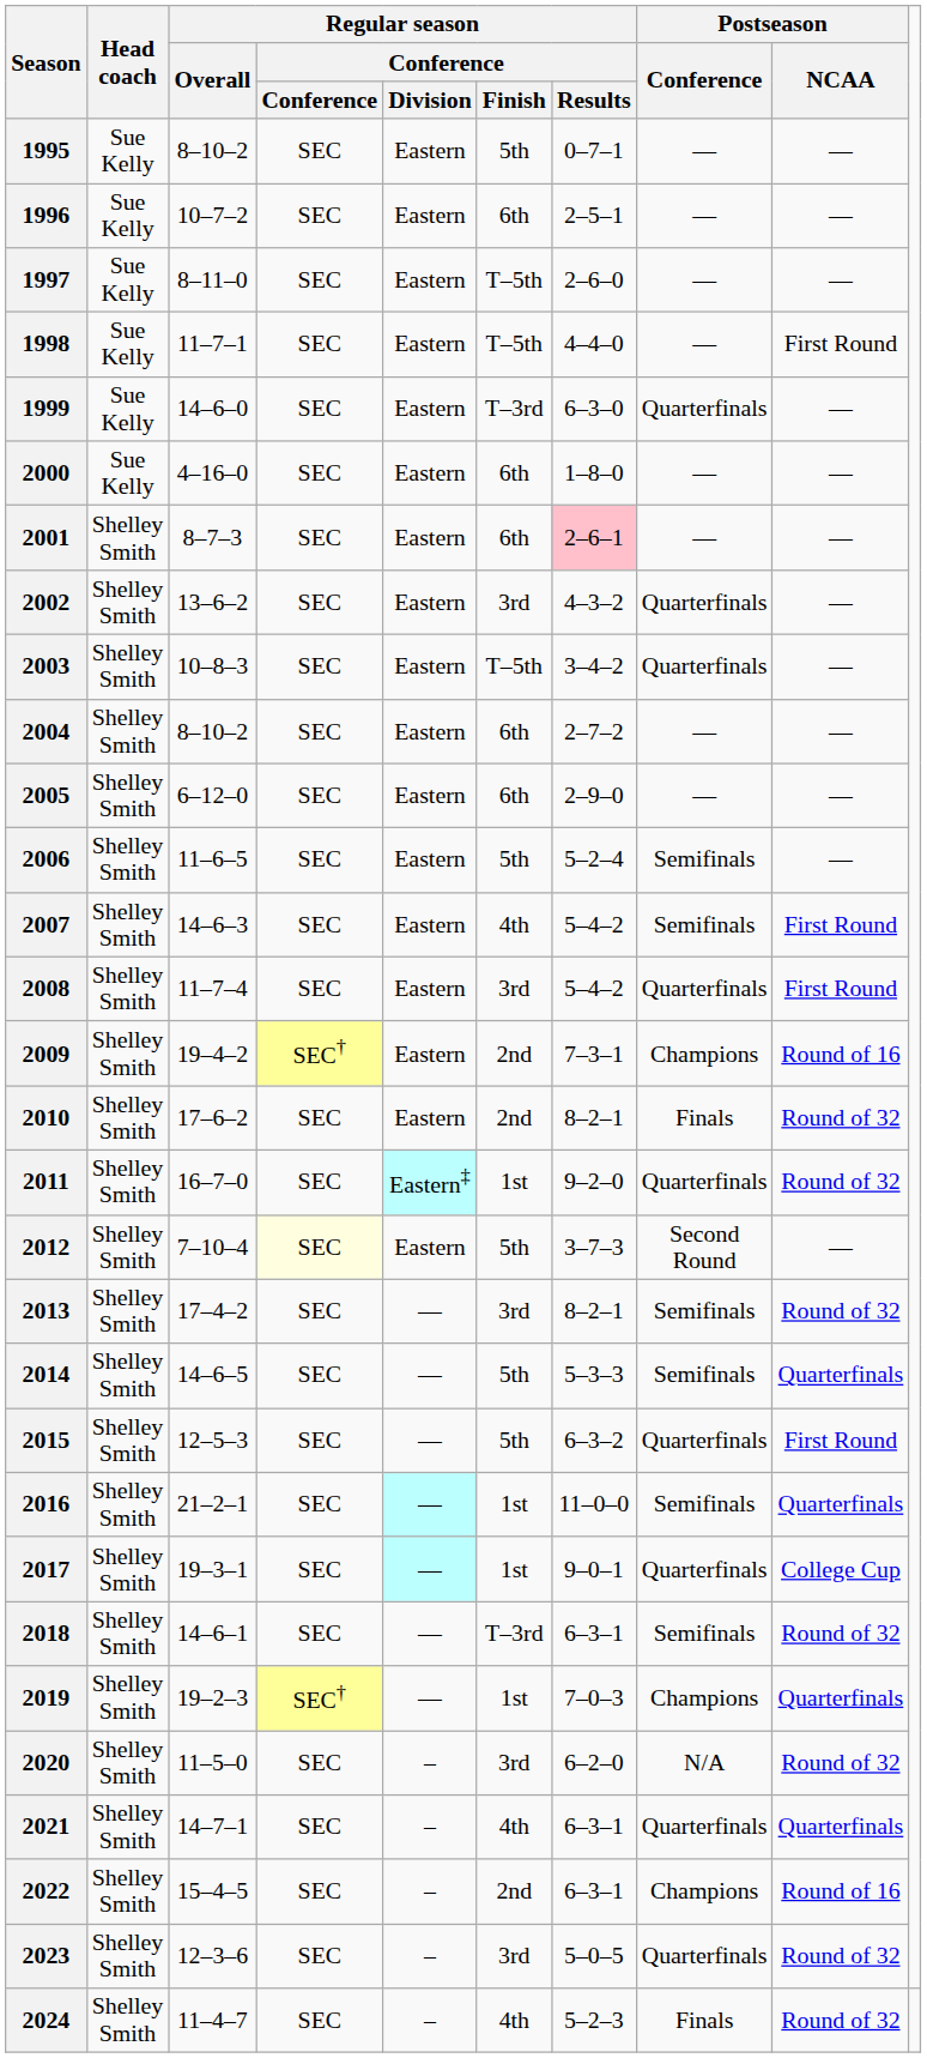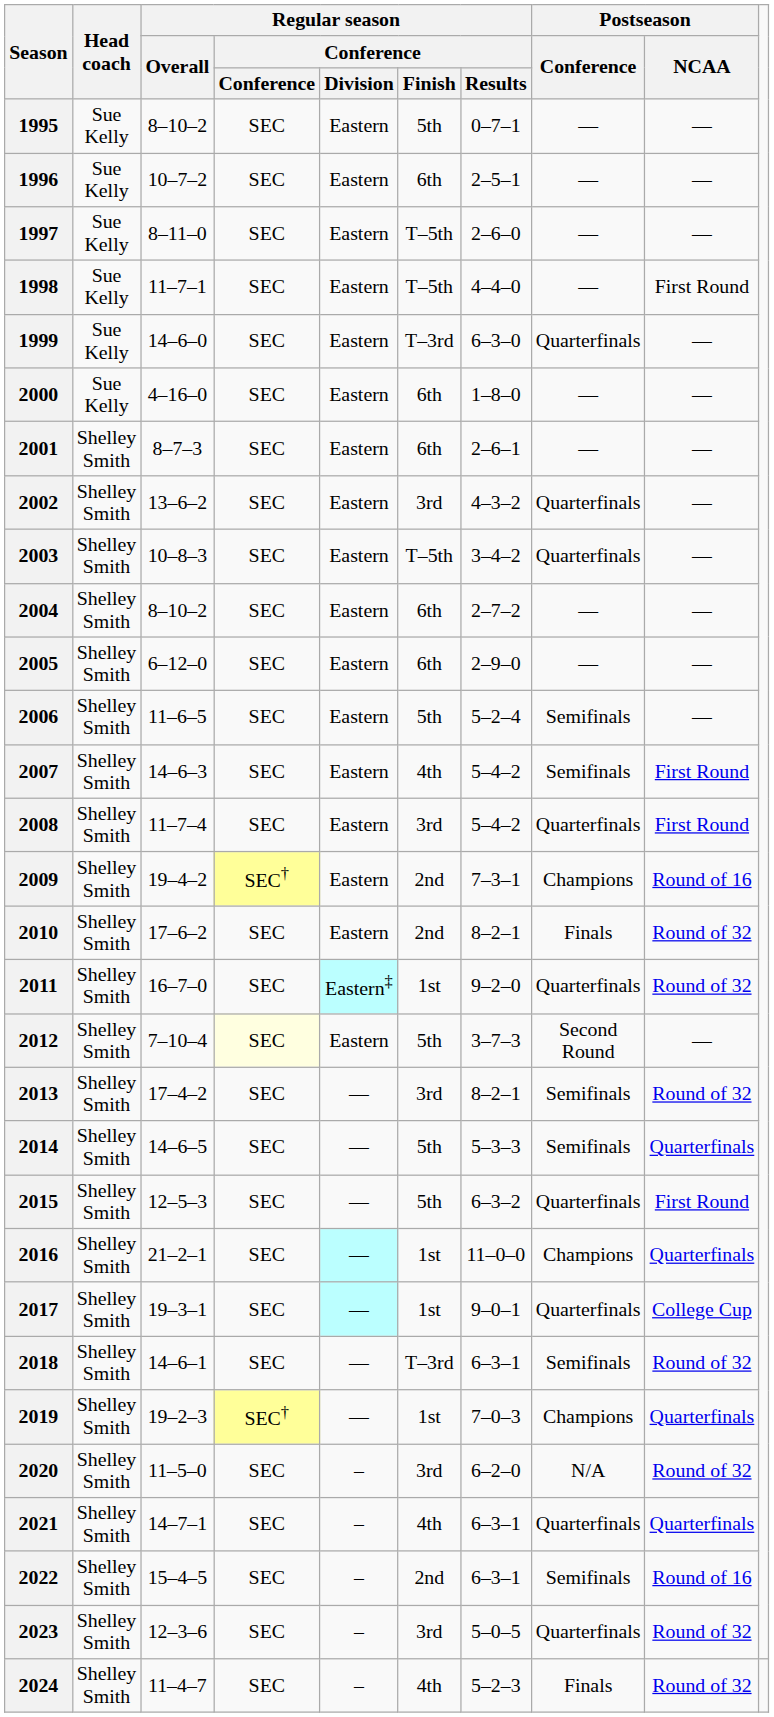 <table class="wikitable" style="text-align:center;">
 <tr>
 <th rowspan="3">Season</th>
 <th rowspan="3">Head coach</th>
 <th colspan="5">Regular season</th>
 <th colspan="2">Postseason</th>
 </tr>
 <tr>
 <th rowspan="2">Overall</th>
 <th colspan="4">Conference</th>
 <th rowspan="2">Conference</th>
 <th rowspan="2">NCAA</th>
 </tr>
 <tr>
 <th>Conference</th>
 <th>Division</th>
 <th>Finish</th>
 <th>Results</th>
 </tr>
 <tr>
 <th scope="row">1995</th>
 <td>Sue Kelly</td>
 <td>8–10–2</td>
 <td>SEC</td>
 <td>Eastern</td>
 <td>5th</td>
 <td>0–7–1</td>
 <td>—</td>
 <td>—</td>
 </tr>
 <tr>
 <th scope="row">1996</th>
 <td>Sue Kelly</td>
 <td>10–7–2</td>
 <td>SEC</td>
 <td>Eastern</td>
 <td>6th</td>
 <td>2–5–1</td>
 <td>—</td>
 <td>—</td>
 </tr>
 <tr>
 <th scope="row">1997</th>
 <td>Sue Kelly</td>
 <td>8–11–0</td>
 <td>SEC</td>
 <td>Eastern</td>
 <td>T–5th</td>
 <td>2–6–0</td>
 <td>—</td>
 <td>—</td>
 </tr>
 <tr>
 <th scope="row">1998</th>
 <td>Sue Kelly</td>
 <td>11–7–1</td>
 <td>SEC</td>
 <td>Eastern</td>
 <td>T–5th</td>
 <td>4–4–0</td>
 <td>—</td>
 <td>First Round</td>
 </tr>
 <tr>
 <th scope="row">1999</th>
 <td>Sue Kelly</td>
 <td>14–6–0</td>
 <td>SEC</td>
 <td>Eastern</td>
 <td>T–3rd</td>
 <td>6–3–0</td>
 <td>Quarterfinals</td>
 <td>—</td>
 </tr>
 <tr>
 <th scope="row">2000</th>
 <td>Sue Kelly</td>
 <td>4–16–0</td>
 <td>SEC</td>
 <td>Eastern</td>
 <td>6th</td>
 <td>1–8–0</td>
 <td>—</td>
 <td>—</td>
 </tr>
 <tr>
 <th scope="row">2001</th>
 <td>Shelley Smith</td>
 <td>8–7–3</td>
 <td>SEC</td>
 <td>Eastern</td>
 <td>6th</td>
-<td style="background: pink;">2–6–1</td>
+<td>2–6–1</td>
 <td>—</td>
 <td>—</td>
 </tr>
 <tr>
 <th scope="row">2002</th>
 <td>Shelley Smith</td>
 <td>13–6–2</td>
 <td>SEC</td>
 <td>Eastern</td>
 <td>3rd</td>
 <td>4–3–2</td>
 <td>Quarterfinals</td>
 <td>—</td>
 </tr>
 <tr>
 <th scope="row">2003</th>
 <td>Shelley Smith</td>
 <td>10–8–3</td>
 <td>SEC</td>
 <td>Eastern</td>
 <td>T–5th</td>
 <td>3–4–2</td>
 <td>Quarterfinals</td>
 <td>—</td>
 </tr>
 <tr>
 <th scope="row">2004</th>
 <td>Shelley Smith</td>
 <td>8–10–2</td>
 <td>SEC</td>
 <td>Eastern</td>
 <td>6th</td>
 <td>2–7–2</td>
 <td>—</td>
 <td>—</td>
 </tr>
 <tr>
 <th scope="row">2005</th>
 <td>Shelley Smith</td>
 <td>6–12–0</td>
 <td>SEC</td>
 <td>Eastern</td>
 <td>6th</td>
 <td>2–9–0</td>
 <td>—</td>
 <td>—</td>
 </tr>
 <tr>
 <th scope="row">2006</th>
 <td>Shelley Smith</td>
 <td>11–6–5</td>
 <td>SEC</td>
 <td>Eastern</td>
 <td>5th</td>
 <td>5–2–4</td>
 <td>Semifinals</td>
 <td>—</td>
 </tr>
 <tr>
 <th scope="row">2007</th>
 <td>Shelley Smith</td>
 <td>14–6–3</td>
 <td>SEC</td>
 <td>Eastern</td>
 <td>4th</td>
 <td>5–4–2</td>
 <td>Semifinals</td>
 <td><a href='#'>First Round</a></td>
 </tr>
 <tr>
 <th scope="row">2008</th>
 <td>Shelley Smith</td>
 <td>11–7–4</td>
 <td>SEC</td>
 <td>Eastern</td>
 <td>3rd</td>
 <td>5–4–2</td>
 <td>Quarterfinals</td>
 <td><a href='#'>First Round</a></td>
 </tr>
 <tr>
 <th scope="row">2009</th>
 <td>Shelley Smith</td>
 <td>19–4–2</td>
 <td bgcolor="#ffff99">SEC<sup>†</sup></td>
 <td>Eastern</td>
 <td>2nd</td>
 <td>7–3–1</td>
 <td>Champions</td>
 <td><a href='#'>Round of 16</a></td>
 </tr>
 <tr>
 <th scope="row">2010</th>
 <td>Shelley Smith</td>
 <td>17–6–2</td>
 <td>SEC</td>
 <td>Eastern</td>
 <td>2nd</td>
 <td>8–2–1</td>
 <td>Finals</td>
 <td><a href='#'>Round of 32</a></td>
 </tr>
 <tr>
 <th scope="row">2011</th>
 <td>Shelley Smith</td>
 <td>16–7–0</td>
 <td>SEC</td>
 <td bgcolor="#bbffff">Eastern<sup>‡</sup></td>
 <td>1st</td>
 <td>9–2–0</td>
 <td>Quarterfinals</td>
 <td><a href='#'>Round of 32</a></td>
 </tr>
 <tr>
 <th scope="row">2012</th>
 <td>Shelley Smith</td>
 <td>7–10–4</td>
 <td style="background: lightyellow;">SEC</td>
 <td>Eastern</td>
 <td>5th</td>
 <td>3–7–3</td>
 <td>Second Round</td>
 <td>—</td>
 </tr>
 <tr>
 <th scope="row">2013</th>
 <td>Shelley Smith</td>
 <td>17–4–2</td>
 <td>SEC</td>
 <td>—</td>
 <td>3rd</td>
 <td>8–2–1</td>
 <td>Semifinals</td>
 <td><a href='#'>Round of 32</a></td>
 </tr>
 <tr>
 <th scope="row">2014</th>
 <td>Shelley Smith</td>
 <td>14–6–5</td>
 <td>SEC</td>
 <td>—</td>
 <td>5th</td>
 <td>5–3–3</td>
 <td>Semifinals</td>
 <td><a href='#'>Quarterfinals</a></td>
 </tr>
 <tr>
 <th scope="row">2015</th>
 <td>Shelley Smith</td>
 <td>12–5–3</td>
 <td>SEC</td>
 <td>—</td>
 <td>5th</td>
 <td>6–3–2</td>
 <td>Quarterfinals</td>
 <td><a href='#'>First Round</a></td>
 </tr>
 <tr>
 <th scope="row">2016</th>
 <td>Shelley Smith</td>
 <td>21–2–1</td>
 <td>SEC</td>
 <td bgcolor="#bbffff">—</td>
 <td>1st</td>
 <td>11–0–0</td>
-<td>Semifinals</td>
+<td>Champions</td>
 <td><a href='#'>Quarterfinals</a></td>
 </tr>
 <tr>
 <th scope="row">2017</th>
 <td>Shelley Smith</td>
 <td>19–3–1</td>
 <td>SEC</td>
 <td bgcolor="#bbffff">—</td>
 <td>1st</td>
 <td>9–0–1</td>
 <td>Quarterfinals</td>
 <td><a href='#'>College Cup</a></td>
 </tr>
 <tr>
 <th scope="row">2018</th>
 <td>Shelley Smith</td>
 <td>14–6–1</td>
 <td>SEC</td>
 <td>—</td>
 <td>T–3rd</td>
 <td>6–3–1</td>
 <td>Semifinals</td>
 <td><a href='#'>Round of 32</a></td>
 </tr>
 <tr>
 <th scope="row">2019</th>
 <td>Shelley Smith</td>
 <td>19–2–3</td>
 <td bgcolor="#ffff99">SEC<sup>†</sup></td>
 <td>—</td>
 <td>1st</td>
 <td>7–0–3</td>
 <td>Champions</td>
 <td><a href='#'>Quarterfinals</a></td>
 </tr>
 <tr>
 <th scope="row">2020</th>
 <td>Shelley Smith</td>
 <td>11–5–0</td>
 <td>SEC</td>
 <td>–</td>
 <td>3rd</td>
 <td>6–2–0</td>
 <td>N/A</td>
 <td><a href='#'>Round of 32</a></td>
 </tr>
 <tr>
 <th>2021</th>
 <td>Shelley Smith</td>
 <td>14–7–1</td>
 <td>SEC</td>
 <td>–</td>
 <td>4th</td>
 <td>6–3–1</td>
 <td>Quarterfinals</td>
 <td><a href='#'>Quarterfinals</a></td>
 </tr>
 <tr>
 <th>2022</th>
 <td>Shelley Smith</td>
 <td>15–4–5</td>
 <td>SEC</td>
 <td>–</td>
 <td>2nd</td>
 <td>6–3–1</td>
-<td>Champions</td>
+<td>Semifinals</td>
 <td><a href='#'>Round of 16</a></td>
 </tr>
 <tr>
 <th>2023</th>
 <td>Shelley Smith</td>
 <td>12–3–6</td>
 <td>SEC</td>
 <td>–</td>
 <td>3rd</td>
 <td>5–0–5</td>
 <td>Quarterfinals</td>
 <td><a href='#'>Round of 32</a></td>
 </tr>
 <tr>
 <th>2024</th>
 <td>Shelley Smith</td>
 <td>11–4–7</td>
 <td>SEC</td>
 <td>–</td>
 <td>4th</td>
 <td>5–2–3</td>
 <td>Finals</td>
 <td><a href='#'>Round of 32</a></td>
 <td></td>
 </tr>
 </table>
